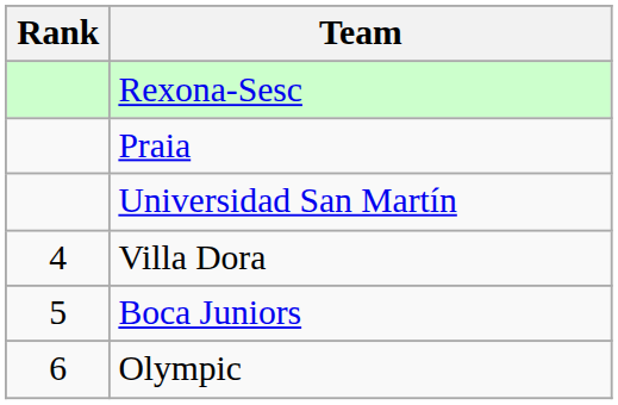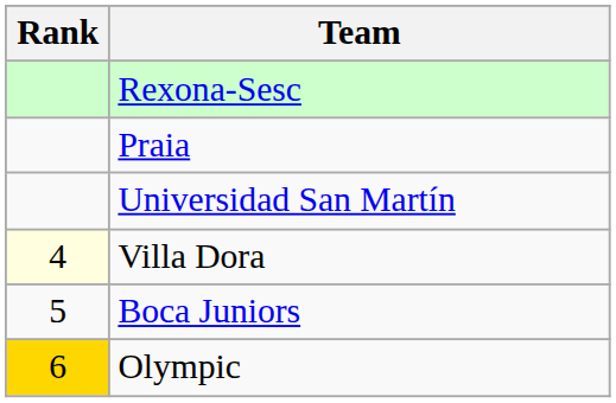 <table class="wikitable" style="text-align: center;">
 <tr>
 <th width=40>Rank</th>
 <th width=220>Team</th>
 </tr>
 <tr bgcolor=#ccffcc align=center>
 <td></td>
 <td style="text-align:left;"> <a href='#'>Rexona-Sesc</a></td>
 </tr>
 <tr align=center>
 <td></td>
 <td style="text-align:left;"> <a href='#'>Praia</a></td>
 </tr>
 <tr align=center>
 <td></td>
 <td style="text-align:left;"> <a href='#'>Universidad San Martín</a></td>
 </tr>
 <tr align=center>
-<td>4</td>
+<td style="background: lightyellow;">4</td>
 <td style="text-align:left;"> Villa Dora</td>
 </tr>
 <tr align=center>
 <td>5</td>
 <td style="text-align:left;"> <a href='#'>Boca Juniors</a></td>
 </tr>
 <tr align=center>
-<td>6</td>
+<td style="background: gold;">6</td>
 <td style="text-align:left;"> Olympic</td>
 </tr>
 </table>
